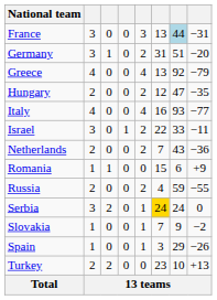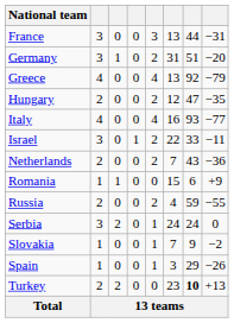 <table class="wikitable" style="text-align: center;">
 <tr>
 <th>National team</th>
 <th width="15"></th>
 <th width="15"></th>
 <th width="15"></th>
 <th width="15"></th>
 <th></th>
 <th></th>
 <th></th>
 </tr>
 <tr>
 <td align="left"> <a href='#'>France</a></td>
 <td>3</td>
 <td>0</td>
 <td>0</td>
 <td>3</td>
 <td>13</td>
-<td style="background: lightblue;">44</td>
+<td>44</td>
 <td>−31</td>
 </tr>
 <tr>
 <td align="left"> <a href='#'>Germany</a></td>
 <td>3</td>
 <td>1</td>
 <td>0</td>
 <td>2</td>
 <td>31</td>
 <td>51</td>
 <td>−20</td>
 </tr>
 <tr>
 <td align="left"> <a href='#'>Greece</a></td>
 <td>4</td>
 <td>0</td>
 <td>0</td>
 <td>4</td>
 <td>13</td>
 <td>92</td>
 <td>−79</td>
 </tr>
 <tr>
 <td align="left"> <a href='#'>Hungary</a></td>
 <td>2</td>
 <td>0</td>
 <td>0</td>
 <td>2</td>
 <td>12</td>
 <td>47</td>
 <td>−35</td>
 </tr>
 <tr>
 <td align="left"> <a href='#'>Italy</a></td>
 <td>4</td>
 <td>0</td>
 <td>0</td>
 <td>4</td>
 <td>16</td>
 <td>93</td>
 <td>−77</td>
 </tr>
 <tr>
 <td align="left"> <a href='#'>Israel</a></td>
 <td>3</td>
 <td>0</td>
 <td>1</td>
 <td>2</td>
 <td>22</td>
 <td>33</td>
 <td>−11</td>
 </tr>
 <tr>
 <td align="left"> <a href='#'>Netherlands</a></td>
 <td>2</td>
 <td>0</td>
 <td>0</td>
 <td>2</td>
 <td>7</td>
 <td>43</td>
 <td>−36</td>
 </tr>
 <tr>
 <td align="left"> <a href='#'>Romania</a></td>
 <td>1</td>
 <td>1</td>
 <td>0</td>
 <td>0</td>
 <td>15</td>
 <td>6</td>
 <td>+9</td>
 </tr>
 <tr>
 <td align="left"> <a href='#'>Russia</a></td>
 <td>2</td>
 <td>0</td>
 <td>0</td>
 <td>2</td>
 <td>4</td>
 <td>59</td>
 <td>−55</td>
 </tr>
 <tr>
 <td align="left"> <a href='#'>Serbia</a></td>
 <td>3</td>
 <td>2</td>
 <td>0</td>
 <td>1</td>
-<td style="background: gold;">24</td>
+<td>24</td>
 <td>24</td>
 <td>0</td>
 </tr>
 <tr>
 <td align="left"> <a href='#'>Slovakia</a></td>
 <td>1</td>
 <td>0</td>
 <td>0</td>
 <td>1</td>
 <td>7</td>
 <td>9</td>
 <td>−2</td>
 </tr>
 <tr>
 <td align="left"> <a href='#'>Spain</a></td>
 <td>1</td>
 <td>0</td>
 <td>0</td>
 <td>1</td>
 <td>3</td>
 <td>29</td>
 <td>−26</td>
 </tr>
 <tr>
 <td align="left"> <a href='#'>Turkey</a></td>
 <td>2</td>
 <td>2</td>
 <td>0</td>
 <td>0</td>
 <td>23</td>
-<td>10</td>
+<td><strong>10</strong></td>
 <td>+13</td>
 </tr>
 <tr>
 <th>Total</th>
 <th colspan="7">13 teams</th>
 </tr>
 </table>
